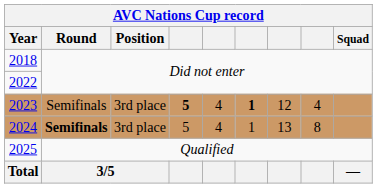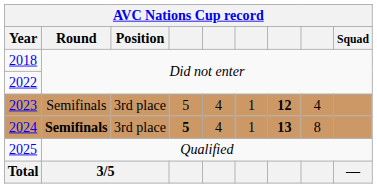 <table class="wikitable" style="text-align: center;">
 <tr>
 <th colspan=9><a href='#'>AVC Nations Cup record</a></th>
 </tr>
 <tr>
 <th>Year</th>
 <th>Round</th>
 <th>Position</th>
 <th width=30></th>
 <th width=30></th>
 <th width=30></th>
 <th width=30></th>
 <th width=30></th>
 <th><small>Squad</small></th>
 </tr>
 <tr>
 <td> <a href='#'>2018</a></td>
 <td colspan=8 rowspan=2><em>Did not enter</em></td>
 </tr>
 <tr>
 <td> <a href='#'>2022</a></td>
 </tr>
 <tr bgcolor=cc9966>
 <td> <a href='#'>2023</a></td>
 <td>Semifinals</td>
 <td> 3rd place</td>
-<td><strong>5</strong></td>
+<td>5</td>
 <td>4</td>
-<td><strong>1</strong></td>
-<td>12</td>
+<td>1</td>
+<td><strong>12</strong></td>
 <td>4</td>
 <td></td>
 </tr>
 <tr bgcolor=cc9966>
 <td> <a href='#'>2024</a></td>
 <td><strong>Semifinals</strong></td>
 <td> 3rd place</td>
-<td>5</td>
+<td><strong>5</strong></td>
 <td>4</td>
 <td>1</td>
-<td>13</td>
+<td><strong>13</strong></td>
 <td>8</td>
 <td></td>
 </tr>
 <tr>
 <td> <a href='#'>2025</a></td>
 <td colspan=8><em>Qualified</em></td>
 </tr>
 <tr>
 <th>Total</th>
 <th colspan=2>3/5</th>
 <th></th>
 <th></th>
 <th></th>
 <th></th>
 <th></th>
 <th>—</th>
 </tr>
 </table>
